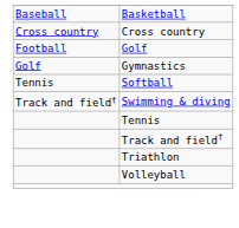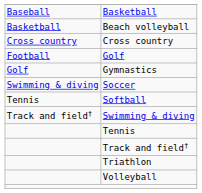 <table class="wikitable" style="float:right; clear:right; margin:0 0 1em 1em;">
 <tr>
 </tr>
 <tr>
 <td><a href='#'>Baseball</a></td>
 <td><a href='#'>Basketball</a></td>
+</tr>
+<tr>
+<td><a href='#'>Basketball</a></td>
+<td>Beach volleyball</td>
 </tr>
 <tr>
 <td><a href='#'>Cross country</a></td>
 <td>Cross country</td>
 </tr>
 <tr>
 <td><a href='#'>Football</a></td>
 <td><a href='#'>Golf</a></td>
 </tr>
 <tr>
 <td><a href='#'>Golf</a></td>
 <td>Gymnastics</td>
+</tr>
+<tr>
+<td><a href='#'>Swimming & diving</a></td>
+<td><a href='#'>Soccer</a></td>
 </tr>
 <tr>
 <td>Tennis</td>
 <td><a href='#'>Softball</a></td>
 </tr>
 <tr>
 <td>Track and field<sup>†</sup></td>
 <td><a href='#'>Swimming & diving</a></td>
 </tr>
 <tr>
 <td></td>
 <td>Tennis</td>
 </tr>
 <tr>
 <td></td>
 <td>Track and field<sup>†</sup></td>
 </tr>
 <tr>
 <td></td>
 <td>Triathlon</td>
 </tr>
 <tr>
 <td></td>
 <td>Volleyball</td>
 </tr>
 <tr>
 <td colspan="2"></td>
 </tr>
 </table>
